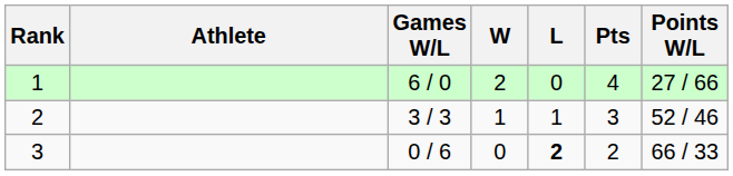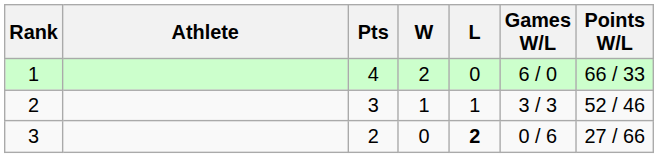 <table class="wikitable" style="text-align: center; font-size:90% ">
 <tr>
 <th width="20">Rank</th>
 <th width="200">Athlete</th>
-<th width="40">Games<br>W/L</th>
+<th width="30">Pts</th>
 <th width="30">W</th>
 <th width="30">L</th>
-<th width="30">Pts</th>
+<th width="40">Games<br>W/L</th>
 <th width="50">Points<br>W/L</th>
 </tr>
 <tr bgcolor=#ccffcc>
 <td>1</td>
 <td align=left></td>
-<td>6 / 0</td>
+<td>4</td>
 <td>2</td>
 <td>0</td>
-<td>4</td>
-<td>27 / 66</td>
+<td>6 / 0</td>
+<td>66 / 33</td>
 </tr>
 <tr>
 <td>2</td>
 <td align=left></td>
-<td>3 / 3</td>
+<td>3</td>
 <td>1</td>
 <td>1</td>
-<td>3</td>
+<td>3 / 3</td>
 <td>52 / 46</td>
 </tr>
 <tr>
 <td>3</td>
 <td align=left></td>
-<td>0 / 6</td>
+<td>2</td>
 <td>0</td>
 <td><strong>2</strong></td>
-<td>2</td>
-<td>66 / 33</td>
+<td>0 / 6</td>
+<td>27 / 66</td>
 </tr>
 </table>
